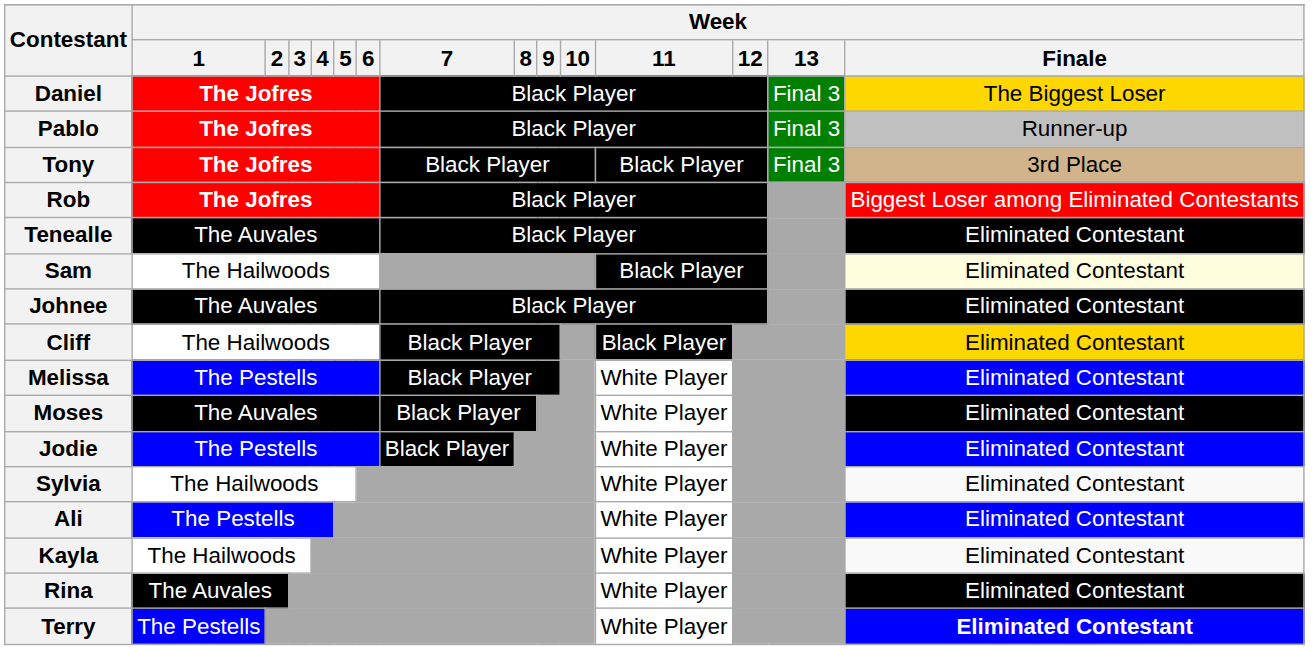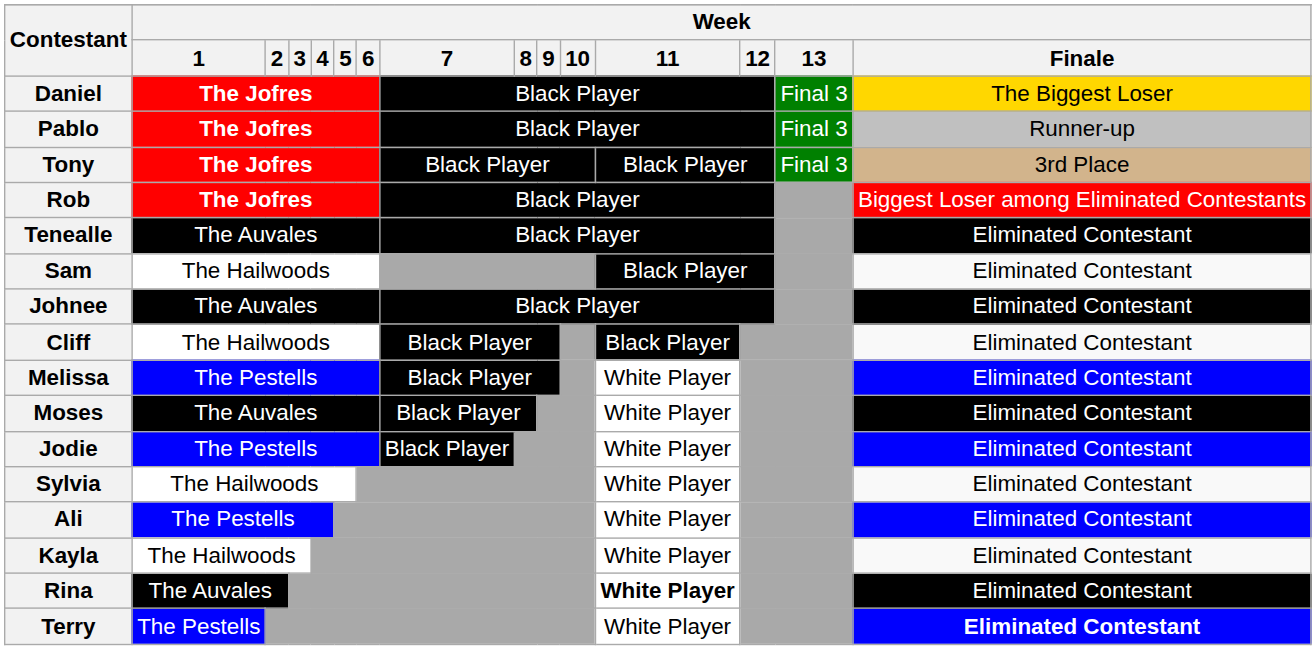 <table class="wikitable" style="text-align:center">
 <tr valign="top">
 </tr>
 <tr>
 <th rowspan="2">Contestant</th>
 <th colspan="14">Week</th>
 </tr>
 <tr>
 <th>1</th>
 <th>2</th>
 <th>3</th>
 <th>4</th>
 <th>5</th>
 <th>6</th>
 <th>7</th>
 <th>8</th>
 <th>9</th>
 <th>10</th>
 <th>11</th>
 <th>12</th>
 <th>13</th>
 <th>Finale</th>
 </tr>
 <tr>
 <th scope=row>Daniel</th>
 <td colspan="6" style="background:red; color:white;"><strong>The Jofres</strong></td>
 <td colspan="6" style="background:black; color:white;">Black Player</td>
 <td colspan="1" style="background:green; color:white;">Final 3</td>
 <td colspan="1" style="background:gold; color:black;">The Biggest Loser</td>
 </tr>
 <tr>
 <th scope=row>Pablo</th>
 <td colspan="6" style="background:red; color:white;"><strong>The Jofres</strong></td>
 <td colspan="6" style="background:black; color:white;">Black Player</td>
 <td colspan="1" style="background:green; color:white;">Final 3</td>
 <td colspan="1" style="background:silver; color:black;">Runner-up</td>
 </tr>
 <tr>
 <th scope=row>Tony</th>
 <td colspan="6" style="background:red; color:white;"><strong>The Jofres</strong></td>
 <td colspan="4" style="background:black; color:white;">Black Player</td>
 <td colspan="2" style="background:black; color:white;">Black Player</td>
 <td colspan="1" style="background:green; color:white;">Final 3</td>
 <td colspan="1" style="background:tan; color:black;">3rd Place</td>
 </tr>
 <tr>
 <th scope=row>Rob</th>
 <td colspan="6" style="background:red; color:white;"><strong>The Jofres</strong></td>
 <td colspan="6" style="background:black; color:white;">Black Player</td>
 <td bgcolor= "darkgrey" colspan=1></td>
 <td style="background:red; color:white;">Biggest Loser among Eliminated Contestants</td>
 </tr>
 <tr>
 <th scope=row>Tenealle</th>
 <td colspan="6" style="background:black; color:white;">The Auvales</td>
 <td colspan="6" style="background:black; color:white;">Black Player</td>
 <td bgcolor= "darkgrey" colspan=1></td>
 <td style="background:black; color:white;">Eliminated Contestant</td>
 </tr>
 <tr>
 <th scope=row>Sam</th>
 <td colspan="6" style="background:white; color:black;">The Hailwoods</td>
 <td bgcolor= "darkgrey" colspan=4></td>
 <td colspan="2" style="background:black; color:white;">Black Player</td>
 <td bgcolor= "darkgrey" colspan=1></td>
-<td style="background: lightyellow;">Eliminated Contestant</td>
+<td>Eliminated Contestant</td>
 </tr>
 <tr>
 <th scope=row>Johnee</th>
 <td colspan="6" style="background:black; color:white;">The Auvales</td>
 <td colspan="6" style="background:black; color:white;">Black Player</td>
 <td bgcolor= "darkgrey" colspan=1></td>
 <td style="background:black; color:white;">Eliminated Contestant</td>
 </tr>
 <tr>
 <th scope=row>Cliff</th>
 <td colspan="6" style="background:white; color:black;">The Hailwoods</td>
 <td colspan="3" style="background:black; color:white;">Black Player</td>
 <td bgcolor= "darkgrey" colspan=1></td>
 <td colspan="1" style="background:black; color:white;">Black Player</td>
 <td bgcolor= "darkgrey" colspan=2></td>
-<td style="background: gold;">Eliminated Contestant</td>
+<td>Eliminated Contestant</td>
 </tr>
 <tr>
 <th scope=row>Melissa</th>
 <td colspan="6" style="background:blue; color:white;">The Pestells</td>
 <td colspan="3" style="background:black; color:white;">Black Player</td>
 <td bgcolor= "darkgrey" colspan=1></td>
 <td colspan="1" style="background:white; color:black;">White Player</td>
 <td bgcolor= "darkgrey" colspan=2></td>
 <td style="background:blue; color:white;">Eliminated Contestant</td>
 </tr>
 <tr>
 <th scope=row>Moses</th>
 <td colspan="6" style="background:black; color:white;">The Auvales</td>
 <td colspan="2" style="background:black; color:white;">Black Player</td>
 <td bgcolor= "darkgrey" colspan=2></td>
 <td colspan="1" style="background:white; color:black;">White Player</td>
 <td bgcolor= "darkgrey" colspan=2></td>
 <td style="background:black; color:white;">Eliminated Contestant</td>
 </tr>
 <tr>
 <th scope=row>Jodie</th>
 <td colspan="6" style="background:blue; color:white;">The Pestells</td>
 <td colspan="1" style="background:black; color:white;">Black Player</td>
 <td bgcolor= "darkgrey" colspan=3></td>
 <td colspan="1" style="background:white; color:black;">White Player</td>
 <td bgcolor= "darkgrey" colspan=2></td>
 <td style="background:blue; color:white;">Eliminated Contestant</td>
 </tr>
 <tr>
 <th scope=row>Sylvia</th>
 <td colspan="5" style="background:white; color:black;">The Hailwoods</td>
 <td bgcolor= "darkgrey" colspan=5></td>
 <td colspan="1" style="background:white; color:black;">White Player</td>
 <td bgcolor= "darkgrey" colspan=2></td>
 <td>Eliminated Contestant</td>
 </tr>
 <tr>
 <th scope=row>Ali</th>
 <td colspan="4" style="background:blue; color:white;">The Pestells</td>
 <td bgcolor= "darkgrey" colspan=6></td>
 <td colspan="1" style="background:white; color:black;">White Player</td>
 <td bgcolor= "darkgrey" colspan=2></td>
 <td style="background:blue; color:white;">Eliminated Contestant</td>
 </tr>
 <tr>
 <th scope=row>Kayla</th>
 <td colspan="3" style="background:white; color:black;">The Hailwoods</td>
 <td bgcolor= "darkgrey" colspan=7></td>
 <td colspan="1" style="background:white; color:black;">White Player</td>
 <td bgcolor= "darkgrey" colspan=2></td>
 <td>Eliminated Contestant</td>
 </tr>
 <tr>
 <th scope=row>Rina</th>
 <td colspan="2" style="background:black; color:white;">The Auvales</td>
 <td bgcolor= "darkgrey" colspan=8></td>
-<td colspan="1" style="background:white; color:black;">White Player</td>
+<td colspan="1" style="background:white; color:black;"><strong>White Player</strong></td>
 <td bgcolor= "darkgrey" colspan=2></td>
 <td style="background:black; color:white;">Eliminated Contestant</td>
 </tr>
 <tr>
 <th scope=row>Terry</th>
 <td colspan="1" style="background:blue; color:white;">The Pestells</td>
 <td bgcolor= "darkgrey" colspan=9></td>
 <td colspan="1" style="background:white; color:black;">White Player</td>
 <td bgcolor= "darkgrey" colspan=2></td>
 <td style="background:blue; color:white;"><strong>Eliminated Contestant</strong></td>
 </tr>
 </table>
